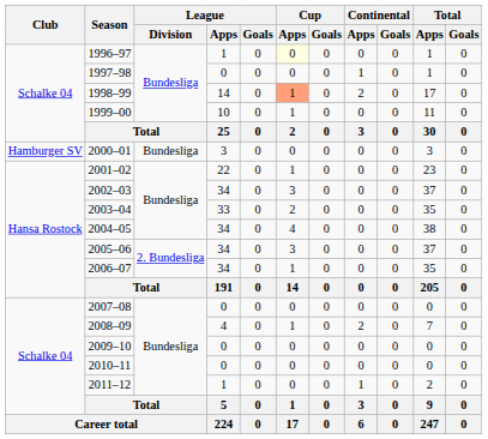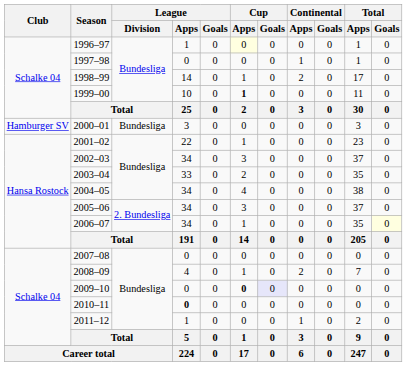 <table class="wikitable" style="text-align:center">
 <tr>
 <th rowspan="2">Club</th>
 <th rowspan="2">Season</th>
 <th colspan="3">League</th>
 <th colspan="2">Cup</th>
 <th colspan="2">Continental</th>
 <th colspan="2">Total</th>
 </tr>
 <tr>
 <th>Division</th>
 <th>Apps</th>
 <th>Goals</th>
 <th>Apps</th>
 <th>Goals</th>
 <th>Apps</th>
 <th>Goals</th>
 <th>Apps</th>
 <th>Goals</th>
 </tr>
 <tr>
 <td rowspan="5"><a href='#'>Schalke 04</a></td>
 <td>1996–97</td>
 <td rowspan="4"><a href='#'>Bundesliga</a></td>
 <td>1</td>
 <td>0</td>
 <td style="background: lightyellow;">0</td>
 <td>0</td>
 <td>0</td>
 <td>0</td>
 <td>1</td>
 <td>0</td>
 </tr>
 <tr>
 <td>1997–98</td>
 <td>0</td>
 <td>0</td>
 <td>0</td>
 <td>0</td>
 <td>1</td>
 <td>0</td>
 <td>1</td>
 <td>0</td>
 </tr>
 <tr>
 <td>1998–99</td>
 <td>14</td>
 <td>0</td>
-<td style="background: lightsalmon;">1</td>
+<td>1</td>
 <td>0</td>
 <td>2</td>
 <td>0</td>
 <td>17</td>
 <td>0</td>
 </tr>
 <tr>
 <td>1999–00</td>
 <td>10</td>
 <td>0</td>
-<td>1</td>
+<td><strong>1</strong></td>
 <td>0</td>
 <td>0</td>
 <td>0</td>
 <td>11</td>
 <td>0</td>
 </tr>
 <tr>
 <th colspan="2">Total</th>
 <th>25</th>
 <th>0</th>
 <th>2</th>
 <th>0</th>
 <th>3</th>
 <th>0</th>
 <th>30</th>
 <th>0</th>
 </tr>
 <tr>
 <td><a href='#'>Hamburger SV</a></td>
 <td>2000–01</td>
 <td>Bundesliga</td>
 <td>3</td>
 <td>0</td>
 <td>0</td>
 <td>0</td>
 <td>0</td>
 <td>0</td>
 <td>3</td>
 <td>0</td>
 </tr>
 <tr>
 <td rowspan="7"><a href='#'>Hansa Rostock</a></td>
 <td>2001–02</td>
 <td rowspan="4">Bundesliga</td>
 <td>22</td>
 <td>0</td>
 <td>1</td>
 <td>0</td>
 <td>0</td>
 <td>0</td>
 <td>23</td>
 <td>0</td>
 </tr>
 <tr>
 <td>2002–03</td>
 <td>34</td>
 <td>0</td>
 <td>3</td>
 <td>0</td>
 <td>0</td>
 <td>0</td>
 <td>37</td>
 <td>0</td>
 </tr>
 <tr>
 <td>2003–04</td>
 <td>33</td>
 <td>0</td>
 <td>2</td>
 <td>0</td>
 <td>0</td>
 <td>0</td>
 <td>35</td>
 <td>0</td>
 </tr>
 <tr>
 <td>2004–05</td>
 <td>34</td>
 <td>0</td>
 <td>4</td>
 <td>0</td>
 <td>0</td>
 <td>0</td>
 <td>38</td>
 <td>0</td>
 </tr>
 <tr>
 <td>2005–06</td>
 <td rowspan="2"><a href='#'>2. Bundesliga</a></td>
 <td>34</td>
 <td>0</td>
 <td>3</td>
 <td>0</td>
 <td>0</td>
 <td>0</td>
 <td>37</td>
 <td>0</td>
 </tr>
 <tr>
 <td>2006–07</td>
 <td>34</td>
 <td>0</td>
 <td>1</td>
 <td>0</td>
 <td>0</td>
 <td>0</td>
 <td>35</td>
-<td>0</td>
+<td style="background: lightyellow;">0</td>
 </tr>
 <tr>
 <th colspan="2">Total</th>
 <th>191</th>
 <th>0</th>
 <th>14</th>
 <th>0</th>
 <th>0</th>
 <th>0</th>
 <th>205</th>
 <th>0</th>
 </tr>
 <tr>
 <td rowspan="6"><a href='#'>Schalke 04</a></td>
 <td>2007–08</td>
 <td rowspan="5">Bundesliga</td>
 <td>0</td>
 <td>0</td>
 <td>0</td>
 <td>0</td>
 <td>0</td>
 <td>0</td>
 <td>0</td>
 <td>0</td>
 </tr>
 <tr>
 <td>2008–09</td>
 <td>4</td>
 <td>0</td>
 <td>1</td>
 <td>0</td>
 <td>2</td>
 <td>0</td>
 <td>7</td>
 <td>0</td>
 </tr>
 <tr>
 <td>2009–10</td>
 <td>0</td>
 <td>0</td>
-<td>0</td>
-<td>0</td>
+<td><strong>0</strong></td>
+<td style="background: lavender;">0</td>
 <td>0</td>
 <td>0</td>
 <td>0</td>
 <td>0</td>
 </tr>
 <tr>
 <td>2010–11</td>
-<td>0</td>
+<td><strong>0</strong></td>
 <td>0</td>
 <td>0</td>
 <td>0</td>
 <td>0</td>
 <td>0</td>
 <td>0</td>
 <td>0</td>
 </tr>
 <tr>
 <td>2011–12</td>
 <td>1</td>
 <td>0</td>
 <td>0</td>
 <td>0</td>
 <td>1</td>
 <td>0</td>
 <td>2</td>
 <td>0</td>
 </tr>
 <tr>
 <th colspan="2">Total</th>
 <th>5</th>
 <th>0</th>
 <th>1</th>
 <th>0</th>
 <th>3</th>
 <th>0</th>
 <th>9</th>
 <th>0</th>
 </tr>
 <tr>
 <th colspan="3">Career total</th>
 <th>224</th>
 <th>0</th>
 <th>17</th>
 <th>0</th>
 <th>6</th>
 <th>0</th>
 <th>247</th>
 <th>0</th>
 </tr>
 </table>
